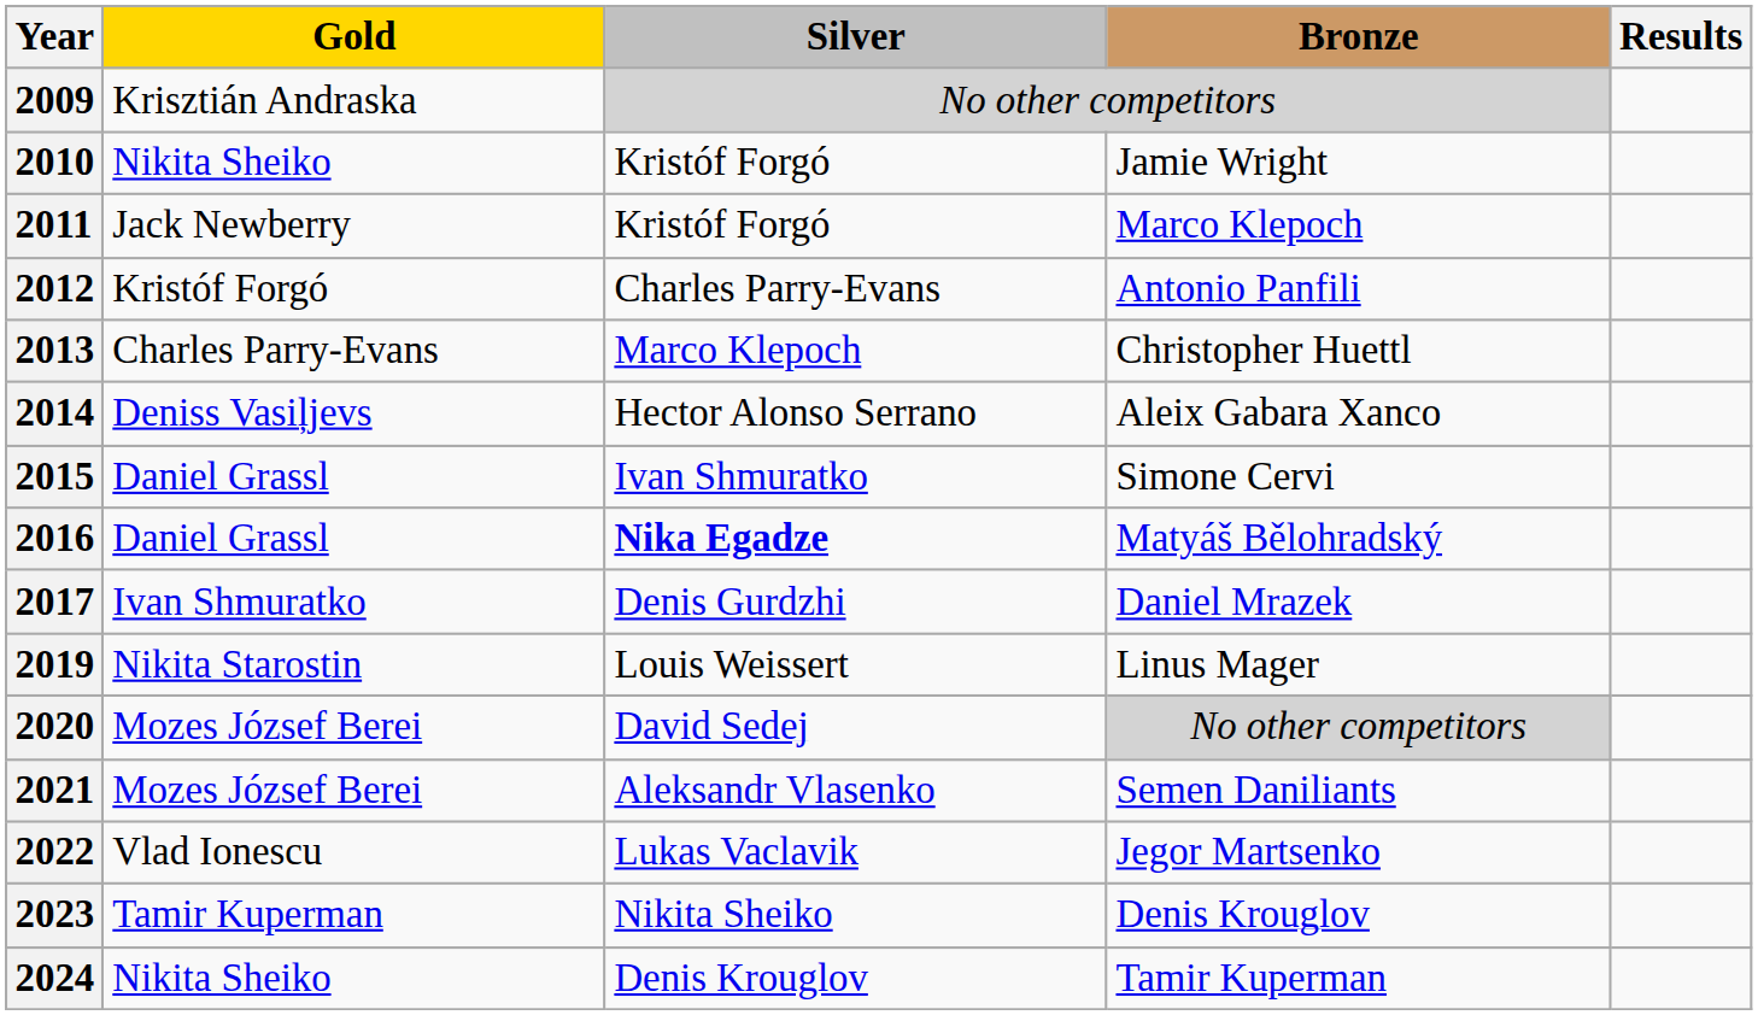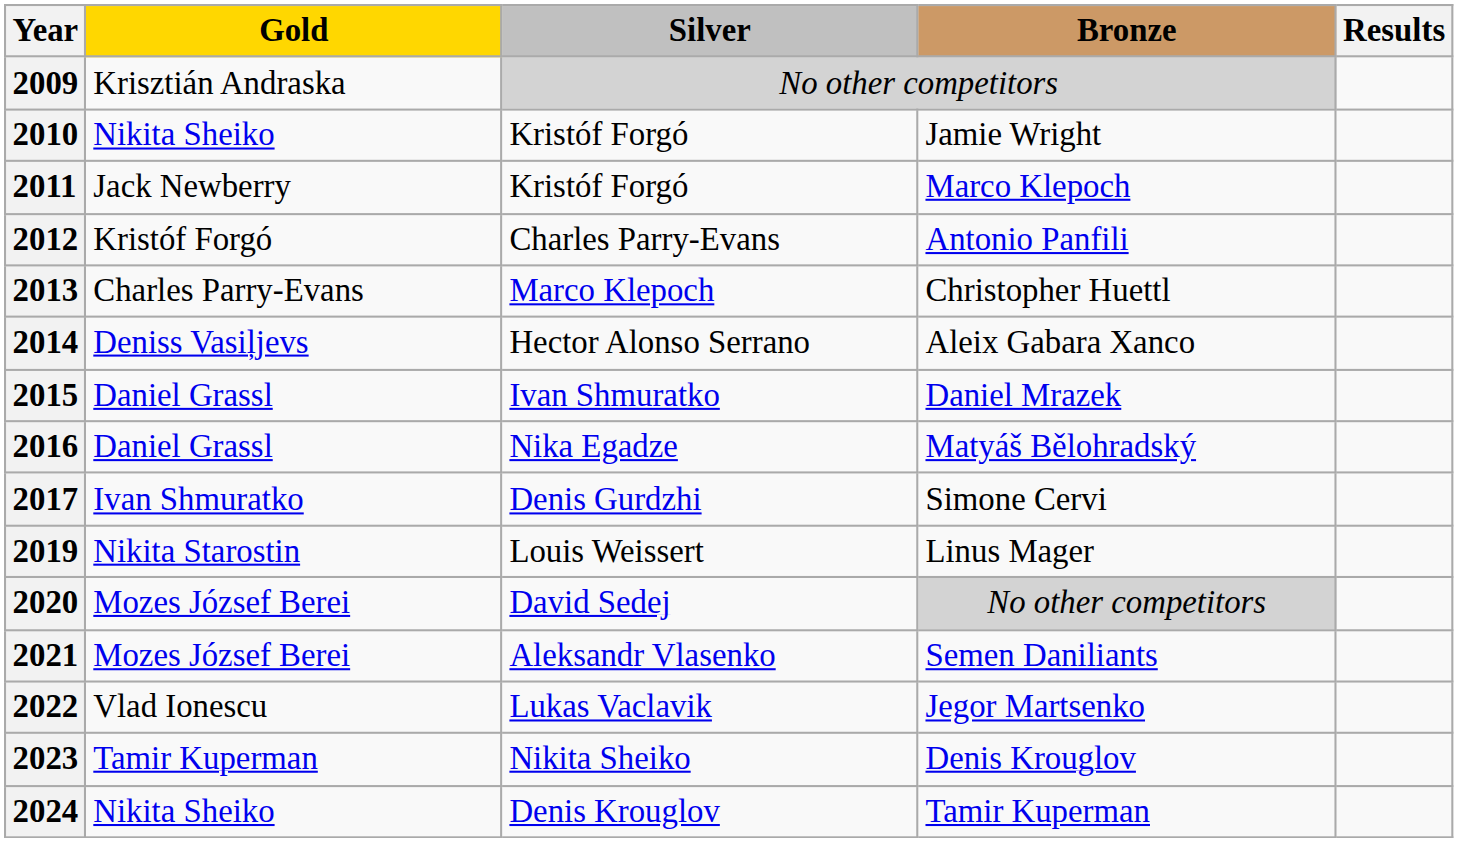 <table class="wikitable unsortable" style="text-align:left; width:80%;">
 <tr>
 <th scope="col" style="text-align:center;">Year</th>
 <td scope="col" style="text-align:center; width:30%; background:gold"><strong>Gold</strong></td>
 <td scope="col" style="text-align:center; width:30%; background:silver"><strong>Silver</strong></td>
 <td scope="col" style="text-align:center; width:30%; background:#c96"><strong>Bronze</strong></td>
 <th scope="col" style="text-align:center;">Results</th>
 </tr>
 <tr>
 <th scope="row" style="text-align:left">2009</th>
 <td> Krisztián Andraska</td>
 <td colspan="2" align="center" bgcolor="lightgray"><em>No other competitors</em></td>
 <td></td>
 </tr>
 <tr>
 <th scope="row" style="text-align:left">2010</th>
 <td> <a href='#'>Nikita Sheiko</a></td>
 <td> Kristóf Forgó</td>
 <td> Jamie Wright</td>
 <td></td>
 </tr>
 <tr>
 <th scope="row" style="text-align:left">2011</th>
 <td> Jack Newberry</td>
 <td> Kristóf Forgó</td>
 <td> <a href='#'>Marco Klepoch</a></td>
 <td></td>
 </tr>
 <tr>
 <th scope="row" style="text-align:left">2012</th>
 <td> Kristóf Forgó</td>
 <td> Charles Parry-Evans</td>
 <td> <a href='#'>Antonio Panfili</a></td>
 <td></td>
 </tr>
 <tr>
 <th scope="row" style="text-align:left">2013</th>
 <td> Charles Parry-Evans</td>
 <td> <a href='#'>Marco Klepoch</a></td>
 <td> Christopher Huettl</td>
 <td></td>
 </tr>
 <tr>
 <th scope="row" style="text-align:left">2014</th>
 <td> <a href='#'>Deniss Vasiļjevs</a></td>
 <td> Hector Alonso Serrano</td>
 <td> Aleix Gabara Xanco</td>
 <td></td>
 </tr>
 <tr>
 <th scope="row" style="text-align:left">2015</th>
 <td> <a href='#'>Daniel Grassl</a></td>
 <td> <a href='#'>Ivan Shmuratko</a></td>
-<td> Simone Cervi</td>
+<td> <a href='#'>Daniel Mrazek</a></td>
 <td></td>
 </tr>
 <tr>
 <th scope="row" style="text-align:left">2016</th>
 <td> <a href='#'>Daniel Grassl</a></td>
-<td><strong> <a href='#'>Nika Egadze</a></strong></td>
+<td> <a href='#'>Nika Egadze</a></td>
 <td> <a href='#'>Matyáš Bělohradský</a></td>
 <td></td>
 </tr>
 <tr>
 <th scope="row" style="text-align:left">2017</th>
 <td> <a href='#'>Ivan Shmuratko</a></td>
 <td> <a href='#'>Denis Gurdzhi</a></td>
-<td> <a href='#'>Daniel Mrazek</a></td>
+<td> Simone Cervi</td>
 <td></td>
 </tr>
 <tr>
 <th scope="row" style="text-align:left">2019</th>
 <td> <a href='#'>Nikita Starostin</a></td>
 <td> Louis Weissert</td>
 <td> Linus Mager</td>
 <td></td>
 </tr>
 <tr>
 <th scope="row" style="text-align:left">2020</th>
 <td> <a href='#'>Mozes József Berei</a></td>
 <td> <a href='#'>David Sedej</a></td>
 <td align=center bgcolor="lightgray"><em>No other competitors</em></td>
 <td></td>
 </tr>
 <tr>
 <th scope="row" style="text-align:left">2021</th>
 <td> <a href='#'>Mozes József Berei</a></td>
 <td> <a href='#'>Aleksandr Vlasenko</a></td>
 <td> <a href='#'>Semen Daniliants</a></td>
 <td></td>
 </tr>
 <tr>
 <th scope="row" style="text-align:left">2022</th>
 <td> Vlad Ionescu</td>
 <td> <a href='#'>Lukas Vaclavik</a></td>
 <td> <a href='#'>Jegor Martsenko</a></td>
 <td></td>
 </tr>
 <tr>
 <th scope="row" style="text-align:left">2023</th>
 <td> <a href='#'>Tamir Kuperman</a></td>
 <td> <a href='#'>Nikita Sheiko</a></td>
 <td> <a href='#'>Denis Krouglov</a></td>
 <td></td>
 </tr>
 <tr>
 <th scope="row" style="text-align:left">2024</th>
 <td> <a href='#'>Nikita Sheiko</a></td>
 <td> <a href='#'>Denis Krouglov</a></td>
 <td> <a href='#'>Tamir Kuperman</a></td>
 <td></td>
 </tr>
 </table>
